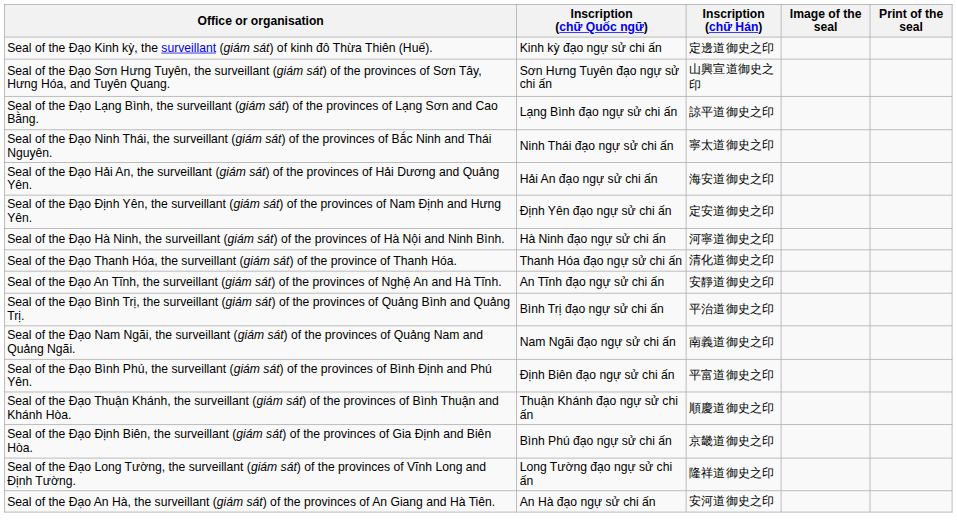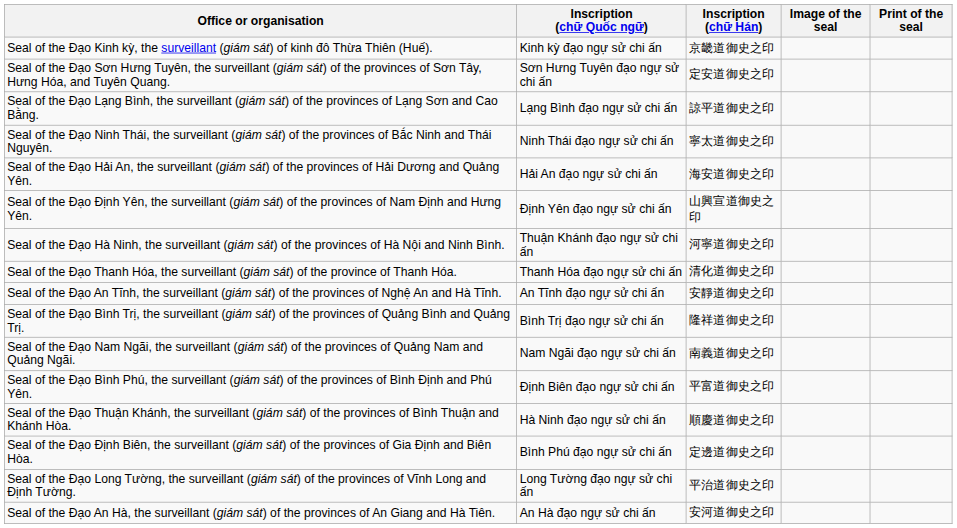 <table class="wikitable">
 <tr>
 <th>Office or organisation</th>
 <th>Inscription<br>(<a href='#'>chữ Quốc ngữ</a>)</th>
 <th>Inscription<br>(<a href='#'>chữ Hán</a>)</th>
 <th>Image of the seal</th>
 <th>Print of the seal</th>
 </tr>
 <tr>
 <td>Seal of the Đạo Kinh kỳ, the <a href='#'>surveillant</a> (<em>giám sát</em>) of kinh đô Thừa Thiên (Huế).</td>
 <td>Kinh kỳ đạo ngự sử chi ấn</td>
-<td>定邊道御史之印</td>
+<td>京畿道御史之印</td>
 <td></td>
 <td></td>
 </tr>
 <tr>
 <td>Seal of the Đạo Sơn Hưng Tuyên, the surveillant (<em>giám sát</em>) of the provinces of Sơn Tây, Hưng Hóa, and Tuyên Quang.</td>
 <td>Sơn Hưng Tuyên đạo ngự sử chi ấn</td>
-<td>山興宣道御史之印</td>
+<td>定安道御史之印</td>
 <td></td>
 <td></td>
 </tr>
 <tr>
 <td>Seal of the Đạo Lạng Bình, the surveillant (<em>giám sát</em>) of the provinces of Lạng Sơn and Cao Bằng.</td>
 <td>Lạng Bình đạo ngự sử chi ấn</td>
 <td>諒平道御史之印</td>
 <td></td>
 <td></td>
 </tr>
 <tr>
 <td>Seal of the Đạo Ninh Thái, the surveillant (<em>giám sát</em>) of the provinces of Bắc Ninh and Thái Nguyên.</td>
 <td>Ninh Thái đạo ngự sử chi ấn</td>
 <td>寧太道御史之印</td>
 <td></td>
 <td></td>
 </tr>
 <tr>
 <td>Seal of the Đạo Hải An, the surveillant (<em>giám sát</em>) of the provinces of Hải Dương and Quảng Yên.</td>
 <td>Hải An đạo ngự sử chi ấn</td>
 <td>海安道御史之印</td>
 <td></td>
 <td></td>
 </tr>
 <tr>
 <td>Seal of the Đạo Định Yên, the surveillant (<em>giám sát</em>) of the provinces of Nam Định and Hưng Yên.</td>
 <td>Định Yên đạo ngự sử chi ấn</td>
-<td>定安道御史之印</td>
+<td>山興宣道御史之印</td>
 <td></td>
 <td></td>
 </tr>
 <tr>
 <td>Seal of the Đạo Hà Ninh, the surveillant (<em>giám sát</em>) of the provinces of Hà Nội and Ninh Bình.</td>
-<td>Hà Ninh đạo ngự sử chi ấn</td>
+<td>Thuận Khánh đạo ngự sử chi ấn</td>
 <td>河寧道御史之印</td>
 <td></td>
 <td></td>
 </tr>
 <tr>
 <td>Seal of the Đạo Thanh Hóa, the surveillant (<em>giám sát</em>) of the province of Thanh Hóa.</td>
 <td>Thanh Hóa đạo ngự sử chi ấn</td>
 <td>清化道御史之印</td>
 <td></td>
 <td></td>
 </tr>
 <tr>
 <td>Seal of the Đạo An Tĩnh, the surveillant (<em>giám sát</em>) of the provinces of Nghệ An and Hà Tĩnh.</td>
 <td>An Tĩnh đạo ngự sử chi ấn</td>
 <td>安靜道御史之印</td>
 <td></td>
 <td></td>
 </tr>
 <tr>
 <td>Seal of the Đạo Bình Trị, the surveillant (<em>giám sát</em>) of the provinces of Quảng Bình and Quảng Trị.</td>
 <td>Bình Trị đạo ngự sử chi ấn</td>
-<td>平治道御史之印</td>
+<td>隆祥道御史之印</td>
 <td></td>
 <td></td>
 </tr>
 <tr>
 <td>Seal of the Đạo Nam Ngãi, the surveillant (<em>giám sát</em>) of the provinces of Quảng Nam and Quảng Ngãi.</td>
 <td>Nam Ngãi đạo ngự sử chi ấn</td>
 <td>南義道御史之印</td>
 <td></td>
 <td></td>
 </tr>
 <tr>
 <td>Seal of the Đạo Bình Phú, the surveillant (<em>giám sát</em>) of the provinces of Bình Định and Phú Yên.</td>
 <td>Định Biên đạo ngự sử chi ấn</td>
 <td>平富道御史之印</td>
 <td></td>
 <td></td>
 </tr>
 <tr>
 <td>Seal of the Đạo Thuận Khánh, the surveillant (<em>giám sát</em>) of the provinces of Bình Thuận and Khánh Hòa.</td>
-<td>Thuận Khánh đạo ngự sử chi ấn</td>
+<td>Hà Ninh đạo ngự sử chi ấn</td>
 <td>順慶道御史之印</td>
 <td></td>
 <td></td>
 </tr>
 <tr>
 <td>Seal of the Đạo Định Biên, the surveillant (<em>giám sát</em>) of the provinces of Gia Định and Biên Hòa.</td>
 <td>Bình Phú đạo ngự sử chi ấn</td>
-<td>京畿道御史之印</td>
+<td>定邊道御史之印</td>
 <td></td>
 <td></td>
 </tr>
 <tr>
 <td>Seal of the Đạo Long Tường, the surveillant (<em>giám sát</em>) of the provinces of Vĩnh Long and Định Tường.</td>
 <td>Long Tường đạo ngự sử chi ấn</td>
-<td>隆祥道御史之印</td>
+<td>平治道御史之印</td>
 <td></td>
 <td></td>
 </tr>
 <tr>
 <td>Seal of the Đạo An Hà, the surveillant (<em>giám sát</em>) of the provinces of An Giang and Hà Tiên.</td>
 <td>An Hà đạo ngự sử chi ấn</td>
 <td>安河道御史之印</td>
 <td></td>
 <td></td>
 </tr>
 </table>
